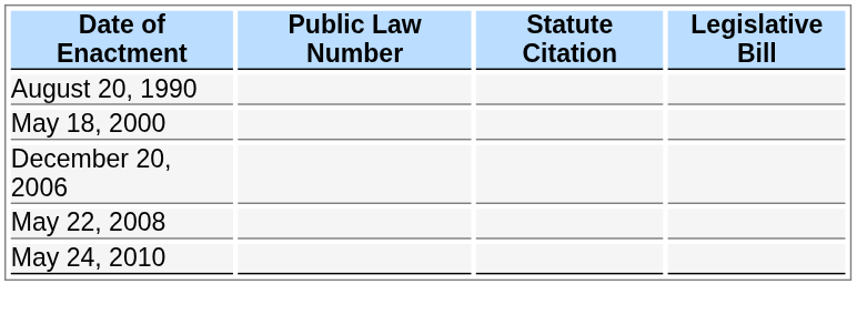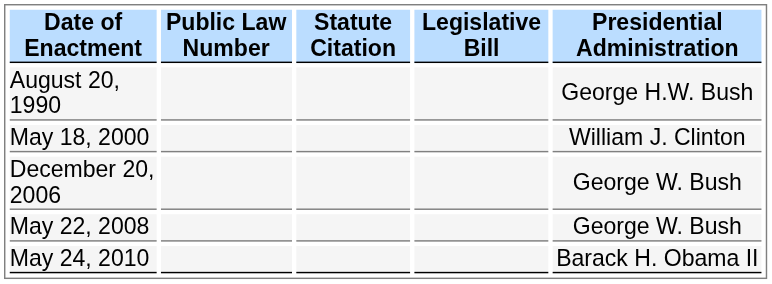 <table style="border:1px solid gray; align:left; width:85%" cellspacing=3 cellpadding=0>
 <tr style="font-weight:bold; text-align:center; background:#bbddff; color:black;">
 <th style=" border-bottom:1.5px solid black">Date of Enactment</th>
 <th style=" border-bottom:1.5px solid black">Public Law Number</th>
 <th style=" border-bottom:1.5px solid black">Statute Citation</th>
 <th style=" border-bottom:1.5px solid black">Legislative Bill</th>
+<th style=" border-bottom:1.5px solid black">Presidential Administration</th>
 </tr>
 <tr>
 <td style="border-bottom:1px solid gray; background:#F5F5F5;">August 20, 1990</td>
 <td style="border-bottom:1px solid gray; background:#F5F5F5; text-align:center;"></td>
 <td style="border-bottom:1px solid gray; background:#F5F5F5; text-align:center;"></td>
 <td style="border-bottom:1px solid gray; background:#F5F5F5; text-align:center;"></td>
+<td style="border-bottom:1px solid gray; background:#F5F5F5; text-align:center;">George H.W. Bush</td>
 </tr>
 <tr>
 <td style="border-bottom:1px solid gray; background:#F5F5F5;">May 18, 2000</td>
 <td style="border-bottom:1px solid gray; background:#F5F5F5; text-align:center;"></td>
 <td style="border-bottom:1px solid gray; background:#F5F5F5; text-align:center;"></td>
 <td style="border-bottom:1px solid gray; background:#F5F5F5; text-align:center;"></td>
+<td style="border-bottom:1px solid gray; background:#F5F5F5; text-align:center;">William J. Clinton</td>
 </tr>
 <tr>
 <td style="border-bottom:1px solid gray; background:#F5F5F5;">December 20, 2006</td>
 <td style="border-bottom:1px solid gray; background:#F5F5F5; text-align:center;"></td>
 <td style="border-bottom:1px solid gray; background:#F5F5F5; text-align:center;"></td>
 <td style="border-bottom:1px solid gray; background:#F5F5F5; text-align:center;"></td>
+<td style="border-bottom:1px solid gray; background:#F5F5F5; text-align:center;">George W. Bush</td>
 </tr>
 <tr>
 <td style="border-bottom:1px solid gray; background:#F5F5F5;">May 22, 2008</td>
 <td style="border-bottom:1px solid gray; background:#F5F5F5; text-align:center;"></td>
 <td style="border-bottom:1px solid gray; background:#F5F5F5; text-align:center;"></td>
 <td style="border-bottom:1px solid gray; background:#F5F5F5; text-align:center;"></td>
+<td style="border-bottom:1px solid gray; background:#F5F5F5; text-align:center;">George W. Bush</td>
 </tr>
 <tr>
 <td style="border-bottom:1.5px solid black; background:#F5F5F5;">May 24, 2010</td>
 <td style="border-bottom:1.5px solid black; background:#F5F5F5; text-align:center;"></td>
 <td style="border-bottom:1.5px solid black; background:#F5F5F5; text-align:center;"></td>
 <td style="border-bottom:1.5px solid black; background:#F5F5F5; text-align:center;"></td>
+<td style="border-bottom:1.5px solid black; background:#F5F5F5; text-align:center;">Barack H. Obama II</td>
 </tr>
 </table>
